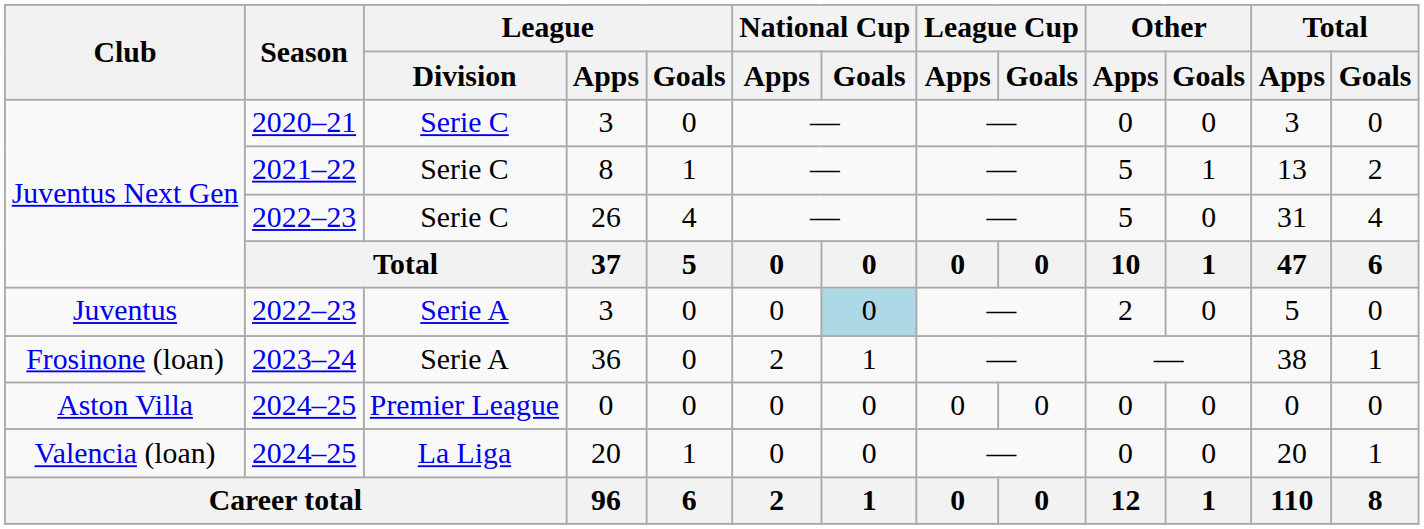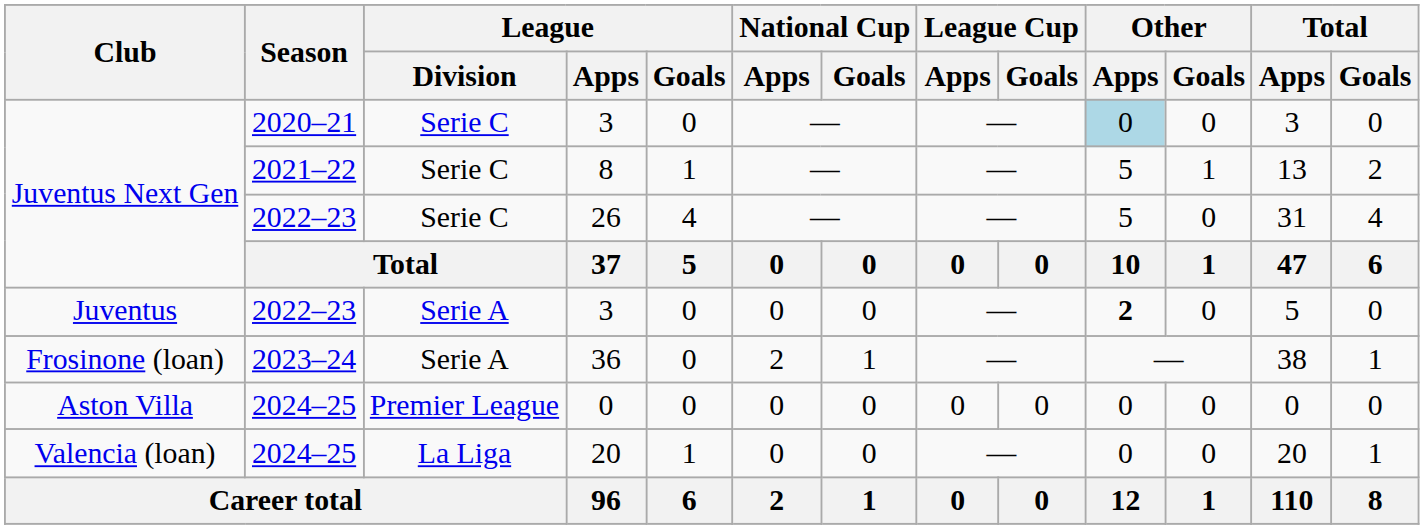 <table class="wikitable" style="text-align: center">
 <tr>
 <th rowspan="2">Club</th>
 <th rowspan="2">Season</th>
 <th colspan="3">League</th>
 <th colspan="2">National Cup</th>
 <th colspan="2">League Cup</th>
 <th colspan="2">Other</th>
 <th colspan="2">Total</th>
 </tr>
 <tr>
 <th>Division</th>
 <th>Apps</th>
 <th>Goals</th>
 <th>Apps</th>
 <th>Goals</th>
 <th>Apps</th>
 <th>Goals</th>
 <th>Apps</th>
 <th>Goals</th>
 <th>Apps</th>
 <th>Goals</th>
 </tr>
 <tr>
 <td rowspan="4"><a href='#'>Juventus Next Gen</a></td>
 <td><a href='#'>2020–21</a></td>
 <td><a href='#'>Serie C</a></td>
 <td>3</td>
 <td>0</td>
 <td colspan="2">—</td>
 <td colspan="2">—</td>
-<td>0</td>
+<td style="background: lightblue;">0</td>
 <td>0</td>
 <td>3</td>
 <td>0</td>
 </tr>
 <tr>
 <td><a href='#'>2021–22</a></td>
 <td>Serie C</td>
 <td>8</td>
 <td>1</td>
 <td colspan="2">—</td>
 <td colspan="2">—</td>
 <td>5</td>
 <td>1</td>
 <td>13</td>
 <td>2</td>
 </tr>
 <tr>
 <td><a href='#'>2022–23</a></td>
 <td>Serie C</td>
 <td>26</td>
 <td>4</td>
 <td colspan="2">—</td>
 <td colspan="2">—</td>
 <td>5</td>
 <td>0</td>
 <td>31</td>
 <td>4</td>
 </tr>
 <tr>
 <th colspan="2">Total</th>
 <th>37</th>
 <th>5</th>
 <th>0</th>
 <th>0</th>
 <th>0</th>
 <th>0</th>
 <th>10</th>
 <th>1</th>
 <th>47</th>
 <th>6</th>
 </tr>
 <tr>
 <td><a href='#'>Juventus</a></td>
 <td><a href='#'>2022–23</a></td>
 <td><a href='#'>Serie A</a></td>
 <td>3</td>
 <td>0</td>
 <td>0</td>
-<td style="background: lightblue;">0</td>
+<td>0</td>
 <td colspan="2">—</td>
-<td>2</td>
+<td><strong>2</strong></td>
 <td>0</td>
 <td>5</td>
 <td>0</td>
 </tr>
 <tr>
 <td><a href='#'>Frosinone</a> (loan)</td>
 <td><a href='#'>2023–24</a></td>
 <td>Serie A</td>
 <td>36</td>
 <td>0</td>
 <td>2</td>
 <td>1</td>
 <td colspan="2">—</td>
 <td colspan="2">—</td>
 <td>38</td>
 <td>1</td>
 </tr>
 <tr>
 <td><a href='#'>Aston Villa</a></td>
 <td><a href='#'>2024–25</a></td>
 <td><a href='#'>Premier League</a></td>
 <td>0</td>
 <td>0</td>
 <td>0</td>
 <td>0</td>
 <td>0</td>
 <td>0</td>
 <td>0</td>
 <td>0</td>
 <td>0</td>
 <td>0</td>
 </tr>
 <tr>
 <td><a href='#'>Valencia</a> (loan)</td>
 <td><a href='#'>2024–25</a></td>
 <td><a href='#'>La Liga</a></td>
 <td>20</td>
 <td>1</td>
 <td>0</td>
 <td>0</td>
 <td colspan="2">—</td>
 <td>0</td>
 <td>0</td>
 <td>20</td>
 <td>1</td>
 </tr>
 <tr>
 <th colspan="3">Career total</th>
 <th>96</th>
 <th>6</th>
 <th>2</th>
 <th>1</th>
 <th>0</th>
 <th>0</th>
 <th>12</th>
 <th>1</th>
 <th>110</th>
 <th>8</th>
 </tr>
 </table>
